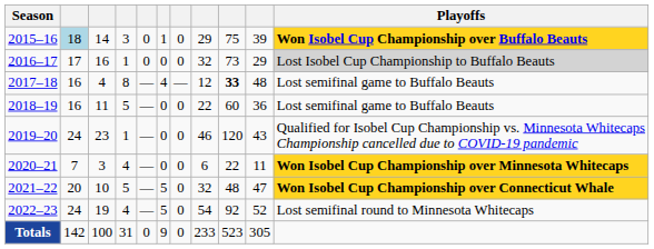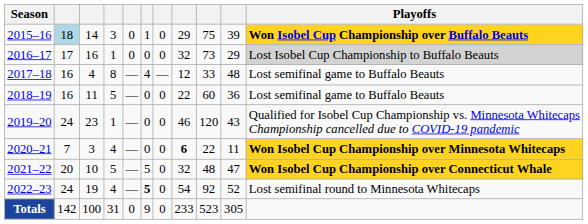 <table class="wikitable" style="text-align:center">
 <tr>
 <th>Season</th>
 <th></th>
 <th></th>
 <th></th>
 <th></th>
 <th></th>
 <th></th>
 <th></th>
 <th></th>
 <th></th>
 <th>Playoffs</th>
 </tr>
 <tr>
 <td><a href='#'>2015–16</a></td>
 <td style="background: lightblue;">18</td>
 <td>14</td>
 <td>3</td>
 <td>0</td>
 <td>1</td>
 <td>0</td>
 <td>29</td>
 <td>75</td>
 <td>39</td>
 <td align=left style="background:#FFD420;"><strong>Won <a href='#'>Isobel Cup</a> Championship over <a href='#'>Buffalo Beauts</a></strong></td>
 </tr>
 <tr>
 <td><a href='#'>2016–17</a></td>
 <td>17</td>
 <td>16</td>
 <td>1</td>
 <td>0</td>
 <td>0</td>
 <td>0</td>
 <td>32</td>
 <td>73</td>
 <td>29</td>
 <td align=left style="background:#D3D3D3">Lost Isobel Cup Championship to Buffalo Beauts</td>
 </tr>
 <tr>
 <td><a href='#'>2017–18</a></td>
 <td>16</td>
 <td>4</td>
 <td>8</td>
 <td>—</td>
 <td>4</td>
 <td>—</td>
 <td>12</td>
-<td><strong>33</strong></td>
+<td>33</td>
 <td>48</td>
 <td align=left>Lost semifinal game to Buffalo Beauts</td>
 </tr>
 <tr>
 <td><a href='#'>2018–19</a></td>
 <td>16</td>
 <td>11</td>
 <td>5</td>
 <td>—</td>
 <td>0</td>
 <td>0</td>
 <td>22</td>
 <td>60</td>
 <td>36</td>
 <td align=left>Lost semifinal game to Buffalo Beauts</td>
 </tr>
 <tr>
 <td><a href='#'>2019–20</a></td>
 <td>24</td>
 <td>23</td>
 <td>1</td>
 <td>—</td>
 <td>0</td>
 <td>0</td>
 <td>46</td>
 <td>120</td>
 <td>43</td>
 <td align=left>Qualified for Isobel Cup Championship vs. <a href='#'>Minnesota Whitecaps</a><br><em>Championship cancelled due to <a href='#'>COVID-19 pandemic</a></em></td>
 </tr>
 <tr>
 <td><a href='#'>2020–21</a></td>
 <td>7</td>
 <td>3</td>
 <td>4</td>
 <td>—</td>
 <td>0</td>
 <td>0</td>
-<td>6</td>
+<td><strong>6</strong></td>
 <td>22</td>
 <td>11</td>
 <td align=left style="background:#FFD420;"><strong>Won Isobel Cup Championship over Minnesota Whitecaps</strong></td>
 </tr>
 <tr>
 <td><a href='#'>2021–22</a></td>
 <td>20</td>
 <td>10</td>
 <td>5</td>
 <td>—</td>
 <td>5</td>
 <td>0</td>
 <td>32</td>
 <td>48</td>
 <td>47</td>
 <td align=left style="background:#FFD420;"><strong>Won Isobel Cup Championship over Connecticut Whale</strong></td>
 </tr>
 <tr>
 <td><a href='#'>2022–23</a></td>
 <td>24</td>
 <td>19</td>
 <td>4</td>
 <td>—</td>
-<td>5</td>
+<td><strong>5</strong></td>
 <td>0</td>
 <td>54</td>
 <td>92</td>
 <td>52</td>
 <td align=left>Lost semifinal round to Minnesota Whitecaps</td>
 </tr>
 <tr>
 <td style="background:#1C449C; color:white"><strong>Totals</strong></td>
 <td>142</td>
 <td>100</td>
 <td>31</td>
 <td>0</td>
 <td>9</td>
 <td>0</td>
 <td>233</td>
 <td>523</td>
 <td>305</td>
 <td></td>
 </tr>
 </table>
